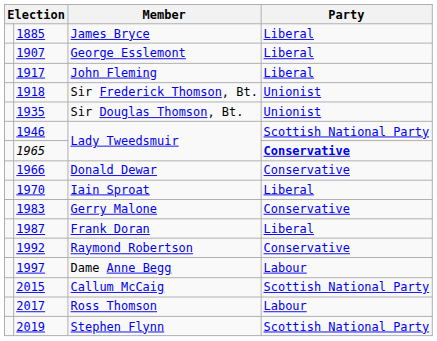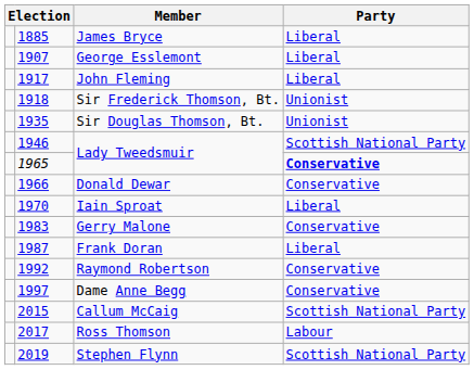 <table class="wikitable">
 <tr>
 <th colspan="2">Election</th>
 <th>Member</th>
 <th>Party</th>
 </tr>
 <tr>
 <td style="color:inherit;background-color: "></td>
 <td><a href='#'>1885</a></td>
 <td><a href='#'>James Bryce</a></td>
 <td><a href='#'>Liberal</a></td>
 </tr>
 <tr>
 <td style="color:inherit;background-color: "></td>
 <td><a href='#'>1907</a></td>
 <td><a href='#'>George Esslemont</a></td>
 <td><a href='#'>Liberal</a></td>
 </tr>
 <tr>
 <td style="color:inherit;background-color: "></td>
 <td><a href='#'>1917</a></td>
 <td><a href='#'>John Fleming</a></td>
 <td><a href='#'>Liberal</a></td>
 </tr>
 <tr>
 <td style="color:inherit;background-color: "></td>
 <td><a href='#'>1918</a></td>
 <td>Sir <a href='#'>Frederick Thomson</a>, Bt.</td>
 <td><a href='#'>Unionist</a></td>
 </tr>
 <tr>
 <td style="color:inherit;background-color: "></td>
 <td><a href='#'>1935</a></td>
 <td>Sir <a href='#'>Douglas Thomson</a>, Bt.</td>
 <td><a href='#'>Unionist</a></td>
 </tr>
 <tr>
 <td style="color:inherit;background-color: "></td>
 <td><a href='#'>1946</a></td>
 <td rowspan=2><a href='#'>Lady Tweedsmuir</a></td>
 <td><a href='#'>Scottish National Party</a></td>
 </tr>
 <tr>
 <td style="color:inherit;background-color: "></td>
 <td><em>1965</em></td>
 <td><strong><a href='#'>Conservative</a></strong></td>
 </tr>
 <tr>
 <td style="color:inherit;background-color: "></td>
 <td><a href='#'>1966</a></td>
 <td><a href='#'>Donald Dewar</a></td>
 <td><a href='#'>Conservative</a></td>
 </tr>
 <tr>
 <td style="color:inherit;background-color: "></td>
 <td><a href='#'>1970</a></td>
 <td><a href='#'>Iain Sproat</a></td>
 <td><a href='#'>Liberal</a></td>
 </tr>
 <tr>
 <td style="color:inherit;background-color: "></td>
 <td><a href='#'>1983</a></td>
 <td><a href='#'>Gerry Malone</a></td>
 <td><a href='#'>Conservative</a></td>
 </tr>
 <tr>
 <td style="color:inherit;background-color: "></td>
 <td><a href='#'>1987</a></td>
 <td><a href='#'>Frank Doran</a></td>
 <td><a href='#'>Liberal</a></td>
 </tr>
 <tr>
 <td style="color:inherit;background-color: "></td>
 <td><a href='#'>1992</a></td>
 <td><a href='#'>Raymond Robertson</a></td>
 <td><a href='#'>Conservative</a></td>
 </tr>
 <tr>
 <td style="color:inherit;background-color: "></td>
 <td><a href='#'>1997</a></td>
 <td>Dame <a href='#'>Anne Begg</a></td>
-<td><a href='#'>Labour</a></td>
+<td><a href='#'>Conservative</a></td>
 </tr>
 <tr>
 <td style="color:inherit;background-color: "></td>
 <td><a href='#'>2015</a></td>
 <td><a href='#'>Callum McCaig</a></td>
 <td><a href='#'>Scottish National Party</a></td>
 </tr>
 <tr>
 <td style="color:inherit;background-color: "></td>
 <td><a href='#'>2017</a></td>
 <td><a href='#'>Ross Thomson</a></td>
 <td><a href='#'>Labour</a></td>
 </tr>
 <tr>
 <td style="color:inherit;background-color: "></td>
 <td><a href='#'>2019</a></td>
 <td><a href='#'>Stephen Flynn</a></td>
 <td><a href='#'>Scottish National Party</a></td>
 </tr>
 </table>
